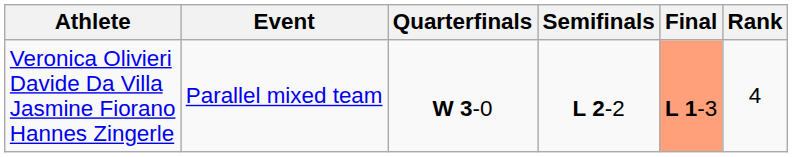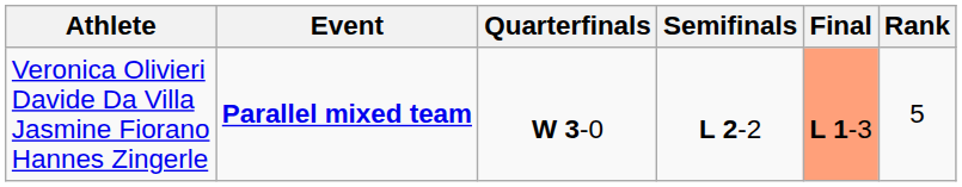 <table class="wikitable">
 <tr>
 <th>Athlete</th>
 <th>Event</th>
 <th>Quarterfinals</th>
 <th>Semifinals</th>
 <th>Final</th>
 <th>Rank</th>
 </tr>
 <tr>
 <td><a href='#'>Veronica Olivieri</a><br><a href='#'>Davide Da Villa</a><br><a href='#'>Jasmine Fiorano</a><br><a href='#'>Hannes Zingerle</a></td>
-<td><a href='#'>Parallel mixed team</a></td>
+<td><strong><a href='#'>Parallel mixed team</a></strong></td>
 <td align="center"><br><strong>W</strong> <strong>3</strong>-0</td>
 <td align="center"><br><strong>L</strong> <strong>2</strong>-2</td>
 <td align="center" style="background: lightsalmon;"><br><strong>L</strong> <strong>1</strong>-3</td>
-<td align="center">4</td>
+<td align="center">5</td>
 </tr>
 </table>
